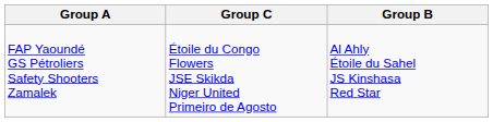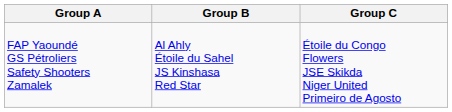 <table class="wikitable">
 <tr>
 <th width=195px>Group A</th>
+<th width=195px>Group B</th>
 <th width=195px>Group C</th>
-<th width=195px>Group B</th>
 </tr>
 <tr>
 <td valign=top><br> <a href='#'>FAP Yaoundé</a><br>  <a href='#'>GS Pétroliers</a><br>  <a href='#'>Safety Shooters</a><br>  <a href='#'>Zamalek</a></td>
+<td valign=top><br> <a href='#'>Al Ahly</a><br>  <a href='#'>Étoile du Sahel</a><br>  <a href='#'>JS Kinshasa</a><br>  <a href='#'>Red Star</a></td>
 <td valign=top><br> <a href='#'>Étoile du Congo</a><br>  <a href='#'>Flowers</a><br>  <a href='#'>JSE Skikda</a><br>  <a href='#'>Niger United</a><br>  <a href='#'>Primeiro de Agosto</a></td>
-<td valign=top><br> <a href='#'>Al Ahly</a><br>  <a href='#'>Étoile du Sahel</a><br>  <a href='#'>JS Kinshasa</a><br>  <a href='#'>Red Star</a></td>
 </tr>
 </table>
